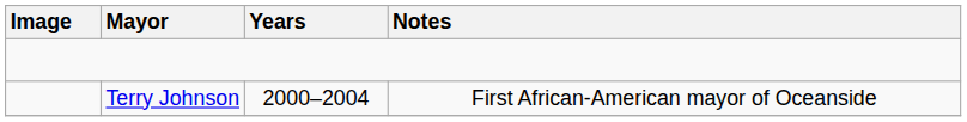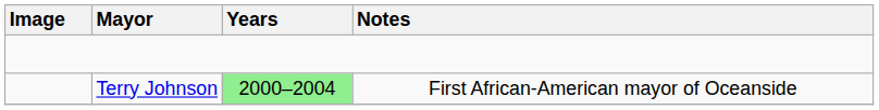 <table class="wikitable" style="text-align:center">
 <tr>
 <th style="text-align:left; width:10%;">Image</th>
 <th style="text-align:left; width:15%;">Mayor</th>
 <th style="text-align:left; width:15%;">Years</th>
 <th style="text-align:left; width:60%;">Notes</th>
 </tr>
 <tr style="height:2em">
 </tr>
 <tr>
 <td></td>
 <td><a href='#'>Terry Johnson</a></td>
-<td>2000–2004</td>
+<td style="background: lightgreen;">2000–2004</td>
 <td>First African-American mayor of Oceanside</td>
 </tr>
 <tr>
 </tr>
 </table>
